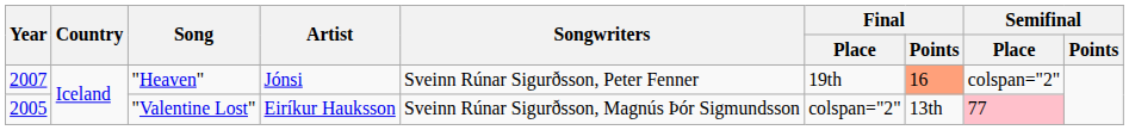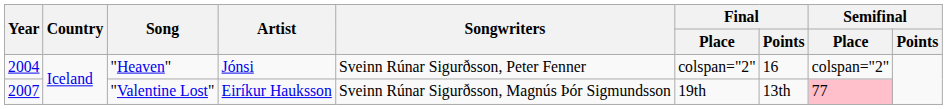 <table class="wikitable">
 <tr>
 <th rowspan="2">Year</th>
 <th rowspan="2">Country</th>
 <th rowspan="2">Song</th>
 <th rowspan="2">Artist</th>
 <th rowspan="2">Songwriters</th>
 <th colspan="2">Final</th>
 <th colspan="2">Semifinal</th>
 </tr>
 <tr>
 <th>Place</th>
 <th>Points</th>
 <th>Place</th>
 <th>Points</th>
 </tr>
 <tr>
-<td><a href='#'>2007</a></td>
+<td><a href='#'>2004</a></td>
 <td rowspan="2"> <a href='#'>Iceland</a></td>
 <td>"<a href='#'>Heaven</a>"</td>
 <td><a href='#'>Jónsi</a></td>
 <td>Sveinn Rúnar Sigurðsson, Peter Fenner</td>
-<td>19th</td>
-<td style="background: lightsalmon;">16</td>
+<td>colspan="2" </td>
+<td>16</td>
 <td>colspan="2" </td>
 </tr>
 <tr>
-<td><a href='#'>2005</a></td>
+<td><a href='#'>2007</a></td>
 <td>"<a href='#'>Valentine Lost</a>"</td>
 <td><a href='#'>Eiríkur Hauksson</a></td>
 <td>Sveinn Rúnar Sigurðsson, Magnús Þór Sigmundsson</td>
-<td>colspan="2" </td>
+<td>19th</td>
 <td>13th</td>
 <td style="background: pink;">77</td>
 </tr>
 </table>
